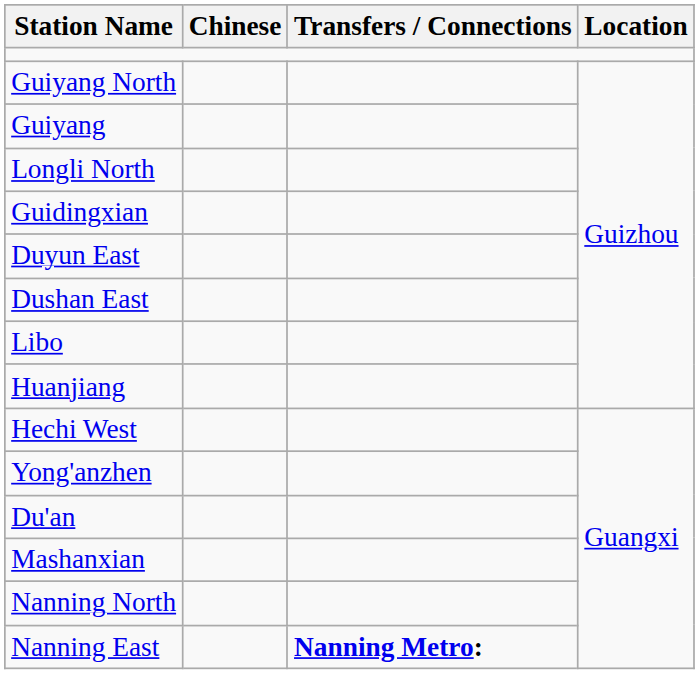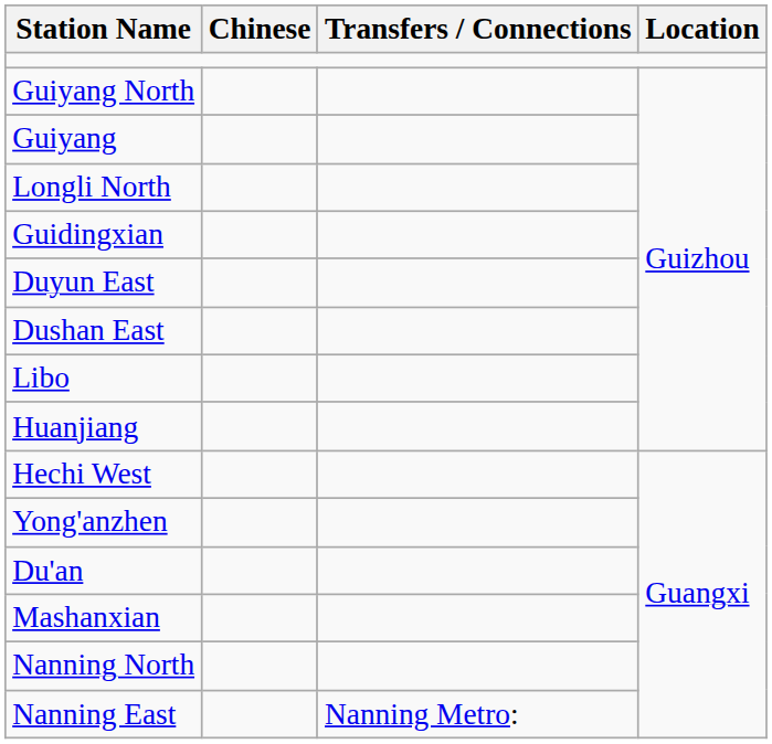 <table class="wikitable">
 <tr>
 <th>Station Name</th>
 <th>Chinese<br></th>
 <th>Transfers / Connections</th>
 <th>Location</th>
 </tr>
 <tr style="background:#">
 <td colspan = "11"></td>
 </tr>
 <tr>
 <td><a href='#'>Guiyang North</a></td>
 <td></td>
 <td> </td>
 <td rowspan="8"><a href='#'>Guizhou</a></td>
 </tr>
 <tr>
 <td><a href='#'>Guiyang</a></td>
 <td></td>
 <td> </td>
 </tr>
 <tr>
 <td><a href='#'>Longli North</a></td>
 <td></td>
 <td></td>
 </tr>
 <tr>
 <td><a href='#'>Guidingxian</a></td>
 <td></td>
 <td></td>
 </tr>
 <tr>
 <td><a href='#'>Duyun East</a></td>
 <td></td>
 <td></td>
 </tr>
 <tr>
 <td><a href='#'>Dushan East</a></td>
 <td></td>
 <td></td>
 </tr>
 <tr>
 <td><a href='#'>Libo</a></td>
 <td></td>
 <td></td>
 </tr>
 <tr>
 <td><a href='#'>Huanjiang</a></td>
 <td></td>
 <td></td>
 </tr>
 <tr>
 <td><a href='#'>Hechi West</a></td>
 <td></td>
 <td></td>
 <td rowspan="6"><a href='#'>Guangxi</a></td>
 </tr>
 <tr>
 <td><a href='#'>Yong'anzhen</a></td>
 <td></td>
 <td></td>
 </tr>
 <tr>
 <td><a href='#'>Du'an</a></td>
 <td></td>
 <td></td>
 </tr>
 <tr>
 <td><a href='#'>Mashanxian</a></td>
 <td></td>
 <td></td>
 </tr>
 <tr>
 <td><a href='#'>Nanning North</a></td>
 <td></td>
 <td></td>
 </tr>
 <tr>
 <td><a href='#'>Nanning East</a></td>
 <td></td>
-<td><strong><a href='#'>Nanning Metro</a>: </strong></td>
+<td><a href='#'>Nanning Metro</a>: </td>
 </tr>
 </table>
